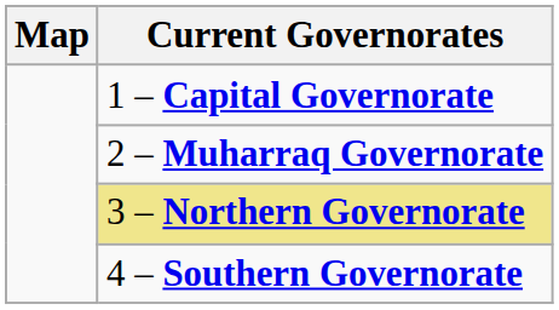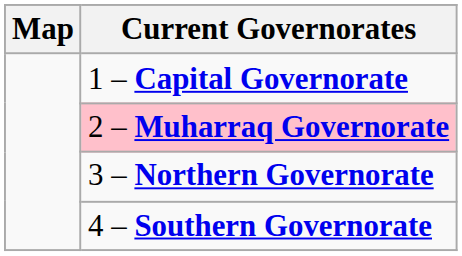 <table class="wikitable">
 <tr>
 <th>Map</th>
 <th>Current Governorates</th>
 </tr>
 <tr>
 <td rowspan="4"></td>
 <td><span> 1</span> – <strong><a href='#'>Capital Governorate</a></strong></td>
 </tr>
 <tr>
-<td><span> 2</span> – <strong><a href='#'>Muharraq Governorate</a></strong></td>
+<td style="background: pink;"><span> 2</span> – <strong><a href='#'>Muharraq Governorate</a></strong></td>
 </tr>
 <tr>
-<td style="background: khaki;"><span> 3</span> – <strong><a href='#'>Northern Governorate</a></strong></td>
+<td><span> 3</span> – <strong><a href='#'>Northern Governorate</a></strong></td>
 </tr>
 <tr>
 <td><span> 4</span> – <strong><a href='#'>Southern Governorate</a></strong></td>
 </tr>
 </table>
